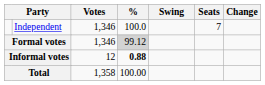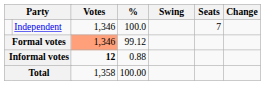 <table class="wikitable" style="text-align:right; margin-bottom:0">
 <tr>
 <th style="width:10px" colspan=3>Party</th>
 <th style="width:70px;">Votes</th>
 <th style="width:40px;">%</th>
 <th style="width:70px;">Swing</th>
 <th style="width:40px;">Seats</th>
 <th style="width:40px;">Change</th>
 </tr>
 <tr>
 <td> </td>
 <td style="text-align:left;" colspan="2"><a href='#'>Independent</a></td>
 <td style="width:70px;">1,346</td>
 <td style="width:40px;">100.0</td>
 <td style="width:55px;"></td>
 <td style="width:40px;">7</td>
 <td style="width:55px;"></td>
 </tr>
 <tr>
 <th colspan="3" rowspan="1"> Formal votes</th>
-<td>1,346</td>
-<td style="background: lightgrey;">99.12</td>
+<td style="background: lightsalmon;">1,346</td>
+<td>99.12</td>
 <td></td>
 <td></td>
 <td></td>
 </tr>
 <tr>
 <th colspan="3" rowspan="1"> Informal votes</th>
-<td>12</td>
-<td><strong>0.88</strong></td>
+<td><strong>12</strong></td>
+<td>0.88</td>
 <td></td>
 <td></td>
 <td></td>
 </tr>
 <tr>
 <th colspan="3" rowspan="1"> <strong>Total </strong></th>
 <td>1,358</td>
 <td>100.00</td>
 <td></td>
 <td></td>
 <td></td>
 </tr>
 </table>
